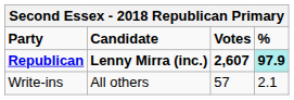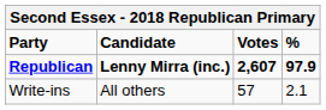 <table class="wikitable">
 <tr>
 <th colspan="4">Second Essex - 2018 Republican Primary</th>
 </tr>
 <tr>
 <td><strong>Party</strong></td>
 <td><strong>Candidate</strong></td>
 <td><strong>Votes</strong></td>
 <td><strong>%</strong></td>
 </tr>
 <tr>
 <td><strong><a href='#'>Republican</a></strong></td>
 <td><strong>Lenny Mirra (inc.)</strong></td>
 <td><strong>2,607</strong></td>
-<td style="background: paleturquoise;"><strong>97.9</strong></td>
+<td><strong>97.9</strong></td>
 </tr>
 <tr>
 <td>Write-ins</td>
 <td>All others</td>
 <td>57</td>
 <td>2.1</td>
 </tr>
 </table>
